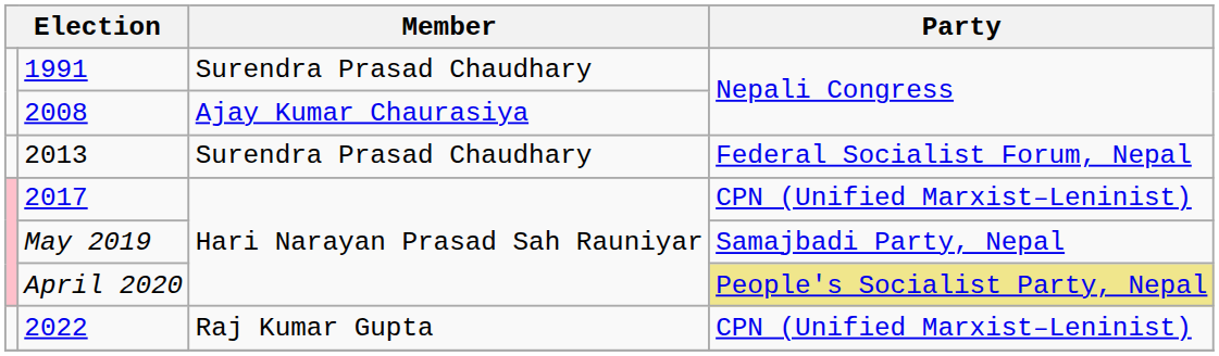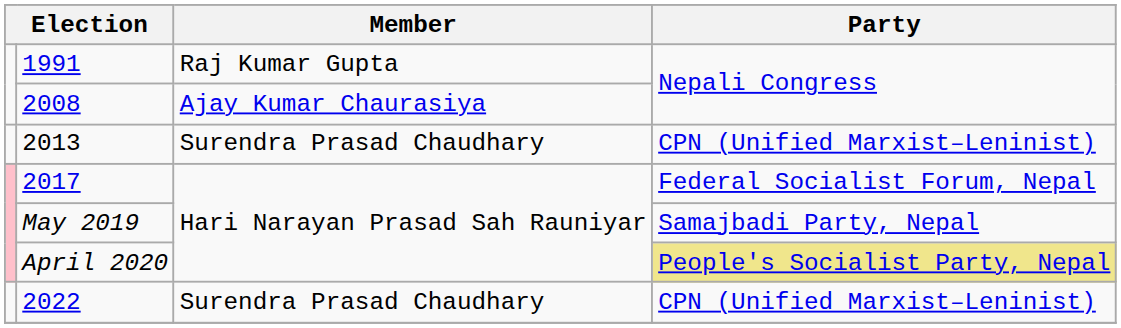 <table class="wikitable">
 <tr>
 <th colspan="2">Election</th>
 <th>Member</th>
 <th>Party</th>
 </tr>
 <tr>
 <td rowspan="2" style="background-color:"></td>
 <td><a href='#'>1991</a></td>
-<td>Surendra Prasad Chaudhary</td>
+<td>Raj Kumar Gupta</td>
 <td rowspan="2"><a href='#'>Nepali Congress</a></td>
 </tr>
 <tr>
 <td><a href='#'>2008</a></td>
 <td><a href='#'>Ajay Kumar Chaurasiya</a></td>
 </tr>
 <tr>
 <td style="background-color:"></td>
 <td>2013</td>
 <td>Surendra Prasad Chaudhary</td>
-<td><a href='#'>Federal Socialist Forum, Nepal</a></td>
+<td><a href='#'>CPN (Unified Marxist–Leninist)</a></td>
 </tr>
 <tr>
 <td rowspan="3" style="background-color:pink"></td>
 <td><a href='#'>2017</a></td>
 <td rowspan="3">Hari Narayan Prasad Sah Rauniyar</td>
-<td><a href='#'>CPN (Unified Marxist–Leninist)</a></td>
+<td><a href='#'>Federal Socialist Forum, Nepal</a></td>
 </tr>
 <tr>
 <td><em>May 2019</em></td>
 <td><a href='#'>Samajbadi Party, Nepal</a></td>
 </tr>
 <tr>
 <td><em>April 2020</em></td>
 <td style="background: khaki;"><a href='#'>People's Socialist Party, Nepal</a></td>
 </tr>
 <tr>
 <td style="background-color:"></td>
 <td><a href='#'>2022</a></td>
-<td>Raj Kumar Gupta</td>
+<td>Surendra Prasad Chaudhary</td>
 <td><a href='#'>CPN (Unified Marxist–Leninist)</a></td>
 </tr>
 <tr>
 </tr>
 </table>
